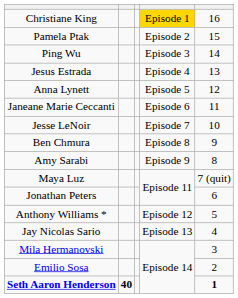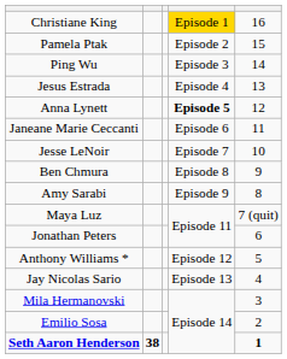 <table class="wikitable sortable" style="text-align:center;">
 <tr>
 <th></th>
 <th></th>
 <th></th>
 <th></th>
 <th></th>
 </tr>
 <tr>
 <td>Christiane King</td>
 <td></td>
 <td></td>
 <td style="background: gold;">Episode 1</td>
 <td>16</td>
 </tr>
 <tr>
 <td>Pamela Ptak</td>
 <td></td>
 <td></td>
 <td>Episode 2</td>
 <td>15</td>
 </tr>
 <tr>
 <td>Ping Wu</td>
 <td></td>
 <td></td>
 <td>Episode 3</td>
 <td>14</td>
 </tr>
 <tr>
 <td>Jesus Estrada</td>
 <td></td>
 <td></td>
 <td>Episode 4</td>
 <td>13</td>
 </tr>
 <tr>
 <td>Anna Lynett</td>
 <td></td>
 <td></td>
-<td>Episode 5</td>
+<td><strong>Episode 5</strong></td>
 <td>12</td>
 </tr>
 <tr>
 <td>Janeane Marie Ceccanti</td>
 <td></td>
 <td></td>
 <td>Episode 6</td>
 <td>11</td>
 </tr>
 <tr>
 <td>Jesse LeNoir</td>
 <td></td>
 <td></td>
 <td>Episode 7</td>
 <td>10</td>
 </tr>
 <tr>
 <td>Ben Chmura</td>
 <td></td>
 <td></td>
 <td>Episode 8</td>
 <td>9</td>
 </tr>
 <tr>
 <td>Amy Sarabi</td>
 <td></td>
 <td></td>
 <td>Episode 9</td>
 <td>8</td>
 </tr>
 <tr>
 <td>Maya Luz</td>
 <td></td>
 <td></td>
 <td rowspan="2">Episode 11</td>
 <td>7 (quit)</td>
 </tr>
 <tr>
 <td>Jonathan Peters</td>
 <td></td>
 <td></td>
 <td>6</td>
 </tr>
 <tr>
 <td>Anthony Williams *</td>
 <td></td>
 <td></td>
 <td>Episode 12</td>
 <td>5</td>
 </tr>
 <tr>
 <td>Jay Nicolas Sario</td>
 <td></td>
 <td></td>
 <td>Episode 13</td>
 <td>4</td>
 </tr>
 <tr>
 <td><a href='#'>Mila Hermanovski</a></td>
 <td></td>
 <td></td>
 <td rowspan="3">Episode 14</td>
 <td>3</td>
 </tr>
 <tr>
 <td><a href='#'>Emilio Sosa</a></td>
 <td></td>
 <td></td>
 <td>2</td>
 </tr>
 <tr>
 <td><strong><a href='#'>Seth Aaron Henderson</a></strong></td>
-<td><strong>40</strong></td>
+<td><strong>38</strong></td>
 <td><strong></strong></td>
 <td><strong>1</strong></td>
 </tr>
 </table>
